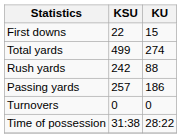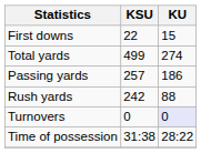 <table class="wikitable" style="float: left;">
 <tr>
 <th>Statistics</th>
 <th>KSU</th>
 <th>KU</th>
 </tr>
 <tr>
 <td>First downs</td>
 <td>22</td>
 <td>15</td>
 </tr>
 <tr>
 <td>Total yards</td>
 <td>499</td>
 <td>274</td>
 </tr>
 <tr>
+<td>Passing yards</td>
+<td>257</td>
+<td>186</td>
+</tr>
+<tr>
 <td>Rush yards</td>
 <td>242</td>
 <td>88</td>
 </tr>
 <tr>
-<td>Passing yards</td>
-<td>257</td>
-<td>186</td>
-</tr>
-<tr>
 <td>Turnovers</td>
 <td>0</td>
-<td>0</td>
+<td style="background: lavender;">0</td>
 </tr>
 <tr>
 <td>Time of possession</td>
 <td>31:38</td>
 <td>28:22</td>
 </tr>
 <tr>
 </tr>
 </table>
